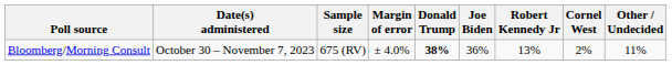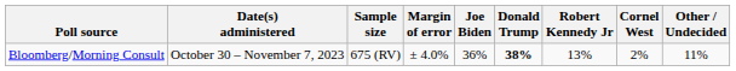 <table class="wikitable sortable mw-datatable" style="font-size:90%;text-align:center;line-height:17px">
 <tr valign=bottom>
 <th>Poll source</th>
 <th>Date(s)<br>administered</th>
 <th>Sample<br>size</th>
 <th>Margin<br>of error</th>
+<th class="unsortable">Joe<br>Biden<br></th>
 <th class="unsortable">Donald<br>Trump<br></th>
-<th class="unsortable">Joe<br>Biden<br></th>
 <th class="unsortable">Robert<br>Kennedy Jr<br></th>
 <th class="unsortable">Cornel<br>West<br></th>
 <th class="unsortable">Other /<br>Undecided</th>
 </tr>
 <tr>
 <td style="text-align:left;"><a href='#'>Bloomberg</a>/<a href='#'>Morning Consult</a></td>
 <td data-sort-value="2023-11-09">October 30 – November 7, 2023</td>
 <td>675 (RV)</td>
 <td>± 4.0%</td>
+<td>36%</td>
 <td style="background-color:"><strong>38%</strong></td>
-<td>36%</td>
 <td>13%</td>
 <td>2%</td>
 <td>11%</td>
 </tr>
 </table>
